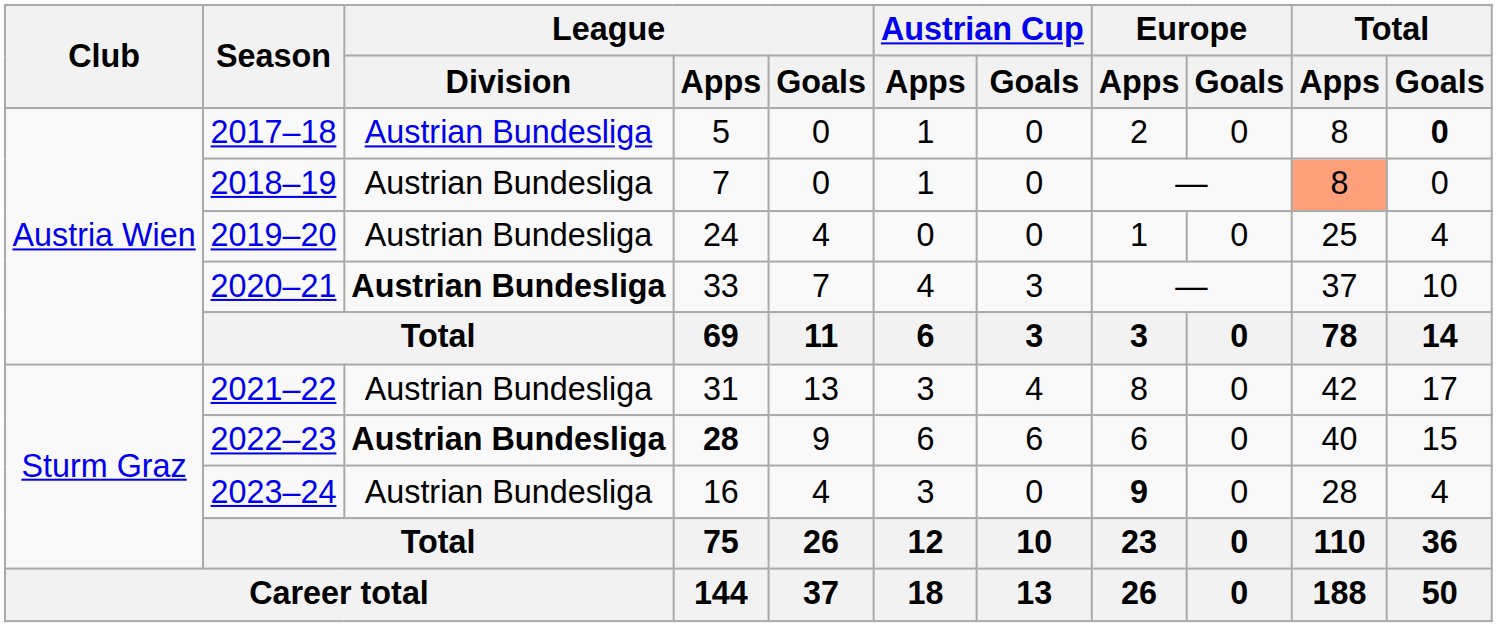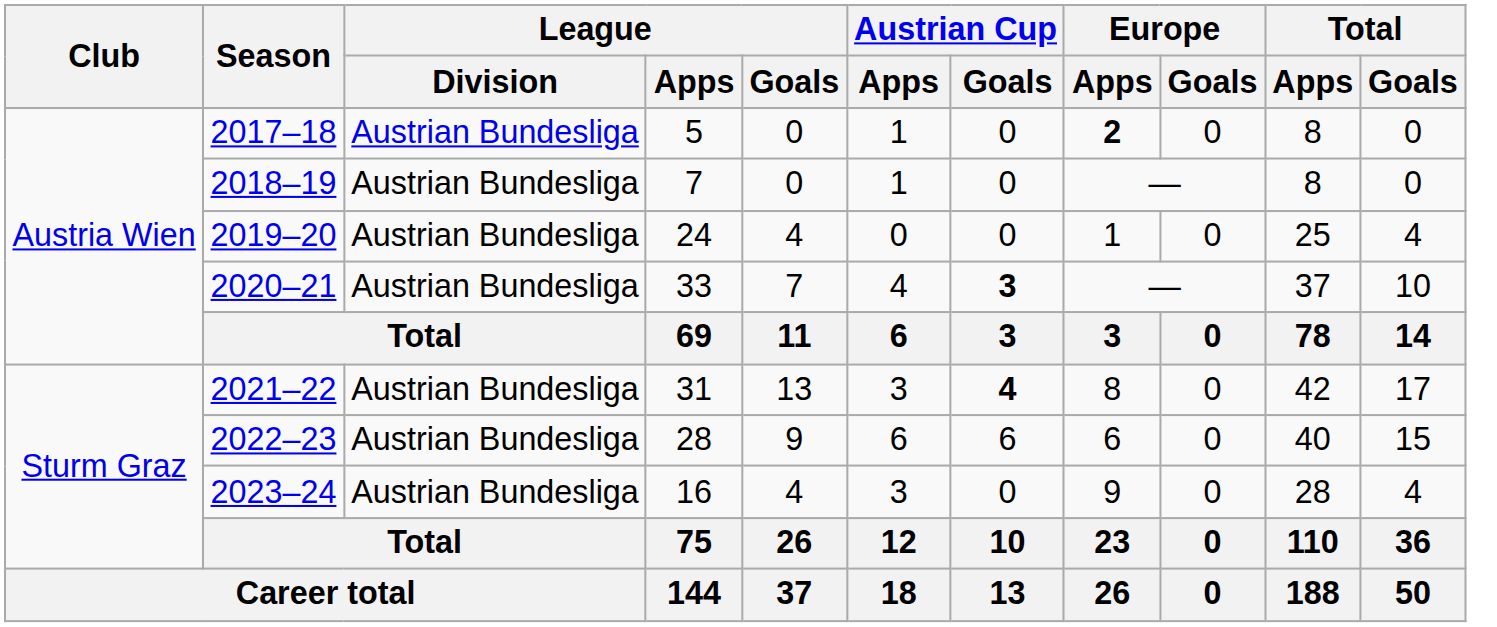 <table class="wikitable" style="text-align:center">
 <tr>
 <th rowspan="2">Club</th>
 <th rowspan="2">Season</th>
 <th colspan="3">League</th>
 <th colspan="2"><a href='#'>Austrian Cup</a></th>
 <th colspan="2">Europe</th>
 <th colspan="2">Total</th>
 </tr>
 <tr>
 <th>Division</th>
 <th>Apps</th>
 <th>Goals</th>
 <th>Apps</th>
 <th>Goals</th>
 <th>Apps</th>
 <th>Goals</th>
 <th>Apps</th>
 <th>Goals</th>
 </tr>
 <tr>
 <td rowspan="5"><a href='#'>Austria Wien</a></td>
 <td><a href='#'>2017–18</a></td>
 <td><a href='#'>Austrian Bundesliga</a></td>
 <td>5</td>
 <td>0</td>
 <td>1</td>
 <td>0</td>
-<td>2</td>
+<td><strong>2</strong></td>
 <td>0</td>
 <td>8</td>
-<td><strong>0</strong></td>
+<td>0</td>
 </tr>
 <tr>
 <td><a href='#'>2018–19</a></td>
 <td>Austrian Bundesliga</td>
 <td>7</td>
 <td>0</td>
 <td>1</td>
 <td>0</td>
 <td colspan="2">—</td>
-<td style="background: lightsalmon;">8</td>
+<td>8</td>
 <td>0</td>
 </tr>
 <tr>
 <td><a href='#'>2019–20</a></td>
 <td>Austrian Bundesliga</td>
 <td>24</td>
 <td>4</td>
 <td>0</td>
 <td>0</td>
 <td>1</td>
 <td>0</td>
 <td>25</td>
 <td>4</td>
 </tr>
 <tr>
 <td><a href='#'>2020–21</a></td>
-<td><strong>Austrian Bundesliga</strong></td>
+<td>Austrian Bundesliga</td>
 <td>33</td>
 <td>7</td>
 <td>4</td>
-<td>3</td>
+<td><strong>3</strong></td>
 <td colspan="2">—</td>
 <td>37</td>
 <td>10</td>
 </tr>
 <tr>
 <th colspan="2">Total</th>
 <th>69</th>
 <th>11</th>
 <th>6</th>
 <th>3</th>
 <th>3</th>
 <th>0</th>
 <th>78</th>
 <th>14</th>
 </tr>
 <tr>
 <td rowspan="4"><a href='#'>Sturm Graz</a></td>
 <td><a href='#'>2021–22</a></td>
 <td>Austrian Bundesliga</td>
 <td>31</td>
 <td>13</td>
 <td>3</td>
-<td>4</td>
+<td><strong>4</strong></td>
 <td>8</td>
 <td>0</td>
 <td>42</td>
 <td>17</td>
 </tr>
 <tr>
 <td><a href='#'>2022–23</a></td>
-<td><strong>Austrian Bundesliga</strong></td>
-<td><strong>28</strong></td>
+<td>Austrian Bundesliga</td>
+<td>28</td>
 <td>9</td>
 <td>6</td>
 <td>6</td>
 <td>6</td>
 <td>0</td>
 <td>40</td>
 <td>15</td>
 </tr>
 <tr>
 <td><a href='#'>2023–24</a></td>
 <td>Austrian Bundesliga</td>
 <td>16</td>
 <td>4</td>
 <td>3</td>
 <td>0</td>
-<td><strong>9</strong></td>
+<td>9</td>
 <td>0</td>
 <td>28</td>
 <td>4</td>
 </tr>
 <tr>
 <th colspan="2">Total</th>
 <th>75</th>
 <th>26</th>
 <th>12</th>
 <th>10</th>
 <th>23</th>
 <th>0</th>
 <th>110</th>
 <th>36</th>
 </tr>
 <tr>
 <th colspan="3">Career total</th>
 <th>144</th>
 <th>37</th>
 <th>18</th>
 <th>13</th>
 <th>26</th>
 <th>0</th>
 <th>188</th>
 <th>50</th>
 </tr>
 </table>
